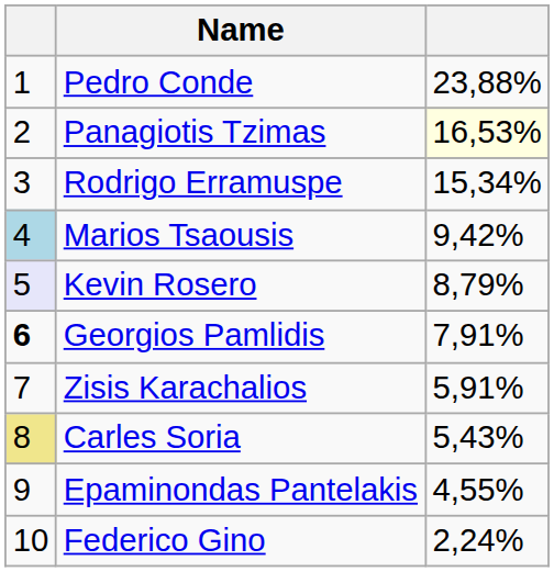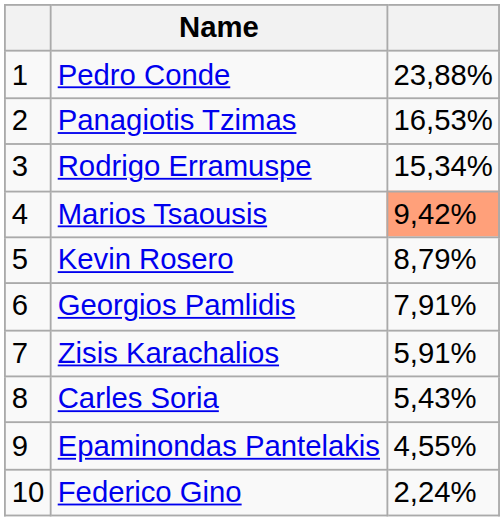 <table class="wikitable">
 <tr>
 <th></th>
 <th>Name</th>
 <th></th>
 </tr>
 <tr>
 <td>1</td>
 <td><a href='#'>Pedro Conde</a></td>
 <td>23,88%</td>
 </tr>
 <tr>
 <td>2</td>
 <td><a href='#'>Panagiotis Tzimas</a></td>
-<td style="background: lightyellow;">16,53%</td>
+<td>16,53%</td>
 </tr>
 <tr>
 <td>3</td>
 <td><a href='#'>Rodrigo Erramuspe</a></td>
 <td>15,34%</td>
 </tr>
 <tr>
-<td style="background: lightblue;">4</td>
+<td>4</td>
 <td><a href='#'>Marios Tsaousis</a></td>
-<td>9,42%</td>
+<td style="background: lightsalmon;">9,42%</td>
 </tr>
 <tr>
-<td style="background: lavender;">5</td>
+<td>5</td>
 <td><a href='#'>Kevin Rosero</a></td>
 <td>8,79%</td>
 </tr>
 <tr>
-<td><strong>6</strong></td>
+<td>6</td>
 <td><a href='#'>Georgios Pamlidis</a></td>
 <td>7,91%</td>
 </tr>
 <tr>
 <td>7</td>
 <td><a href='#'>Zisis Karachalios</a></td>
 <td>5,91%</td>
 </tr>
 <tr>
-<td style="background: khaki;">8</td>
+<td>8</td>
 <td><a href='#'>Carles Soria</a></td>
 <td>5,43%</td>
 </tr>
 <tr>
 <td>9</td>
 <td><a href='#'>Epaminondas Pantelakis</a></td>
 <td>4,55%</td>
 </tr>
 <tr>
 <td>10</td>
 <td><a href='#'>Federico Gino</a></td>
 <td>2,24%</td>
 </tr>
 </table>
